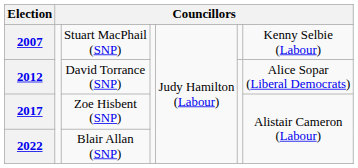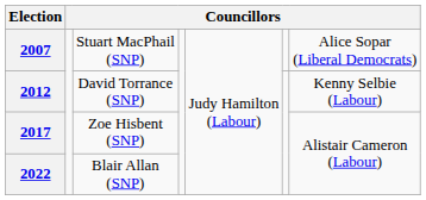 <table class="wikitable" style="text-align:center">
 <tr>
 <th>Election</th>
 <th colspan=6>Councillors</th>
 </tr>
 <tr>
 <th><a href='#'>2007</a></th>
 <td rowspan=4; style="background-color: "></td>
 <td rowspan=1>Stuart MacPhail<br>(<a href='#'>SNP</a>)</td>
 <td rowspan=4; style="background-color: "></td>
 <td rowspan=4>Judy Hamilton<br>(<a href='#'>Labour</a>)</td>
 <td rowspan=1; style="background-color: "></td>
-<td rowspan=1>Kenny Selbie<br>(<a href='#'>Labour</a>)</td>
+<td rowspan=1>Alice Sopar<br>(<a href='#'>Liberal Democrats</a>)</td>
 </tr>
 <tr>
 <th><a href='#'>2012</a></th>
 <td rowspan=1>David Torrance<br>(<a href='#'>SNP</a>)</td>
 <td rowspan=3; style="background-color: "></td>
-<td rowspan=1>Alice Sopar<br>(<a href='#'>Liberal Democrats</a>)</td>
+<td rowspan=1>Kenny Selbie<br>(<a href='#'>Labour</a>)</td>
 </tr>
 <tr>
 <th><a href='#'>2017</a></th>
 <td rowspan=1>Zoe Hisbent<br>(<a href='#'>SNP</a>)</td>
 <td rowspan=2>Alistair Cameron<br>(<a href='#'>Labour</a>)</td>
 </tr>
 <tr>
 <th><a href='#'>2022</a></th>
 <td rowspan=1>Blair Allan<br>(<a href='#'>SNP</a>)</td>
 </tr>
 </table>
